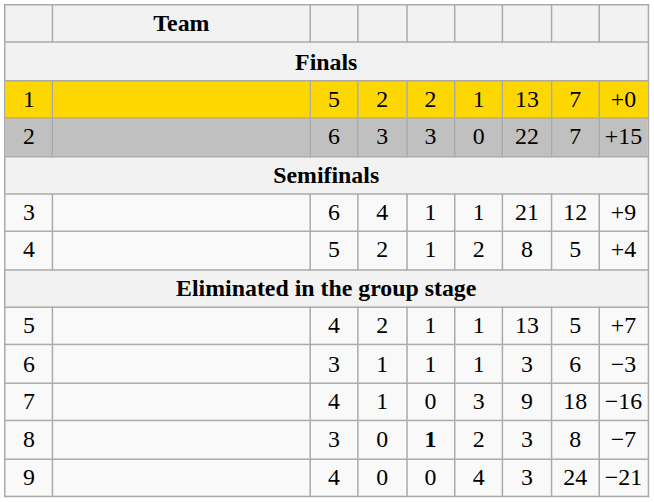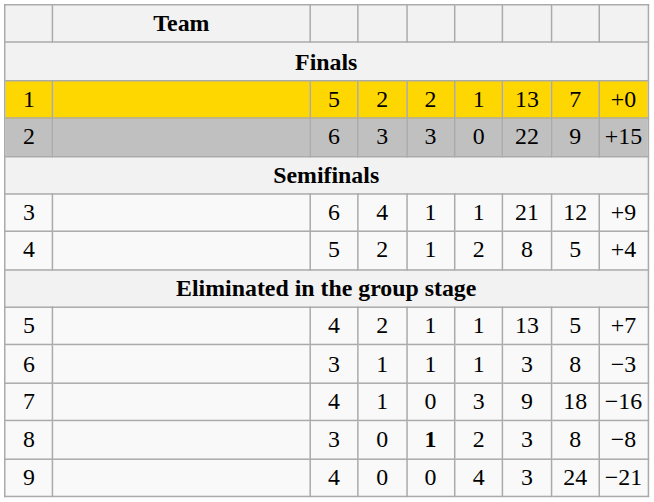 <table class="wikitable" style="text-align:center;">
 <tr>
 <th width="25"></th>
 <th width="165">Team</th>
 <th width="25"></th>
 <th width="25"></th>
 <th width="25"></th>
 <th width="25"></th>
 <th width="25"></th>
 <th width="25"></th>
 <th width="25"></th>
 </tr>
 <tr>
 <th colspan=10>Finals</th>
 </tr>
 <tr style="background:gold;">
 <td>1</td>
 <td align=left></td>
 <td>5</td>
 <td>2</td>
 <td>2</td>
 <td>1</td>
 <td>13</td>
 <td>7</td>
 <td>+0</td>
 </tr>
 <tr style="background:silver;">
 <td>2</td>
 <td align=left></td>
 <td>6</td>
 <td>3</td>
 <td>3</td>
 <td>0</td>
 <td>22</td>
-<td>7</td>
+<td>9</td>
 <td>+15</td>
 </tr>
 <tr>
 <th colspan=10>Semifinals</th>
 </tr>
 <tr style="background:bronze;">
 <td>3</td>
 <td align=left></td>
 <td>6</td>
 <td>4</td>
 <td>1</td>
 <td>1</td>
 <td>21</td>
 <td>12</td>
 <td>+9</td>
 </tr>
 <tr style=>
 <td>4</td>
 <td align=left></td>
 <td>5</td>
 <td>2</td>
 <td>1</td>
 <td>2</td>
 <td>8</td>
 <td>5</td>
 <td>+4</td>
 </tr>
 <tr>
 <th colspan=10>Eliminated in the group stage</th>
 </tr>
 <tr>
 <td>5</td>
 <td align=left></td>
 <td>4</td>
 <td>2</td>
 <td>1</td>
 <td>1</td>
 <td>13</td>
 <td>5</td>
 <td>+7</td>
 </tr>
 <tr>
 <td>6</td>
 <td align=left></td>
 <td>3</td>
 <td>1</td>
 <td>1</td>
 <td>1</td>
 <td>3</td>
-<td>6</td>
+<td>8</td>
 <td>−3</td>
 </tr>
 <tr>
 <td>7</td>
 <td align=left></td>
 <td>4</td>
 <td>1</td>
 <td>0</td>
 <td>3</td>
 <td>9</td>
 <td>18</td>
 <td>−16</td>
 </tr>
 <tr>
 <td>8</td>
 <td align=left></td>
 <td>3</td>
 <td>0</td>
 <td><strong>1</strong></td>
 <td>2</td>
 <td>3</td>
 <td>8</td>
-<td>−7</td>
+<td>−8</td>
 </tr>
 <tr>
 <td>9</td>
 <td align=left></td>
 <td>4</td>
 <td>0</td>
 <td>0</td>
 <td>4</td>
 <td>3</td>
 <td>24</td>
 <td>−21</td>
 </tr>
 </table>
